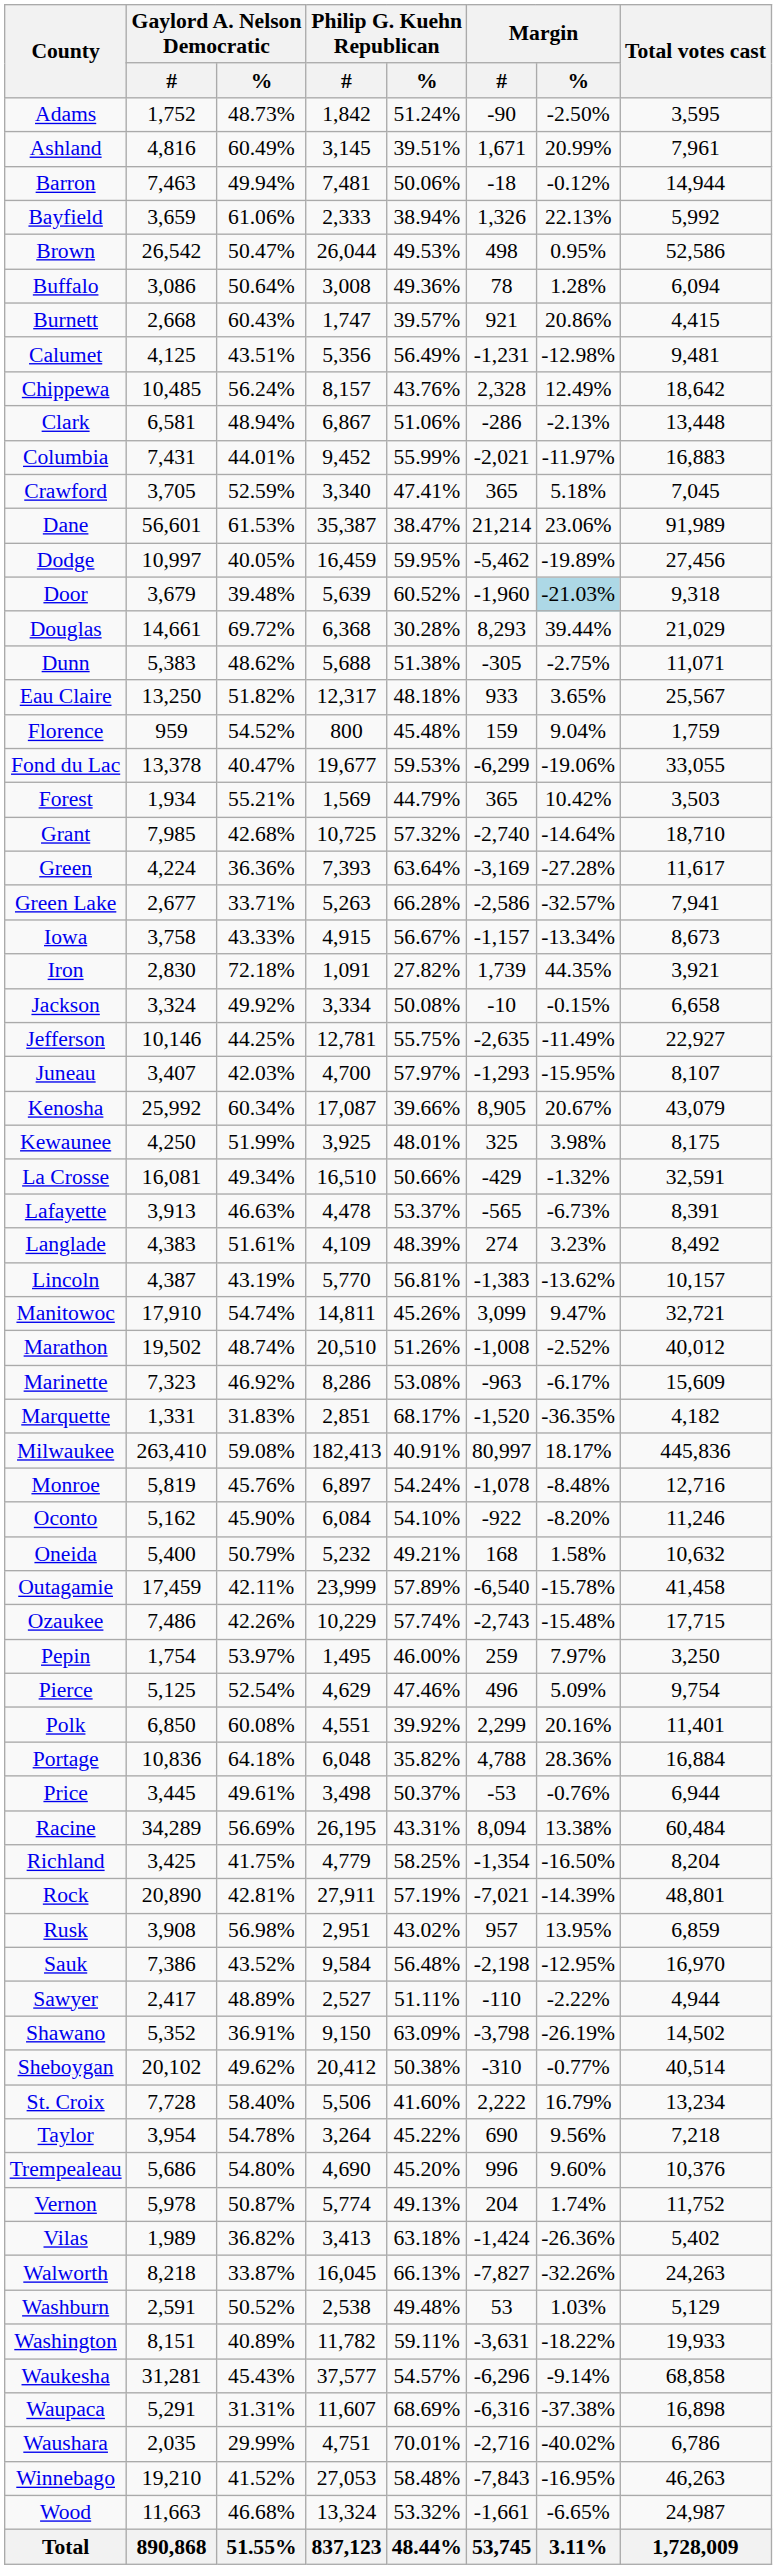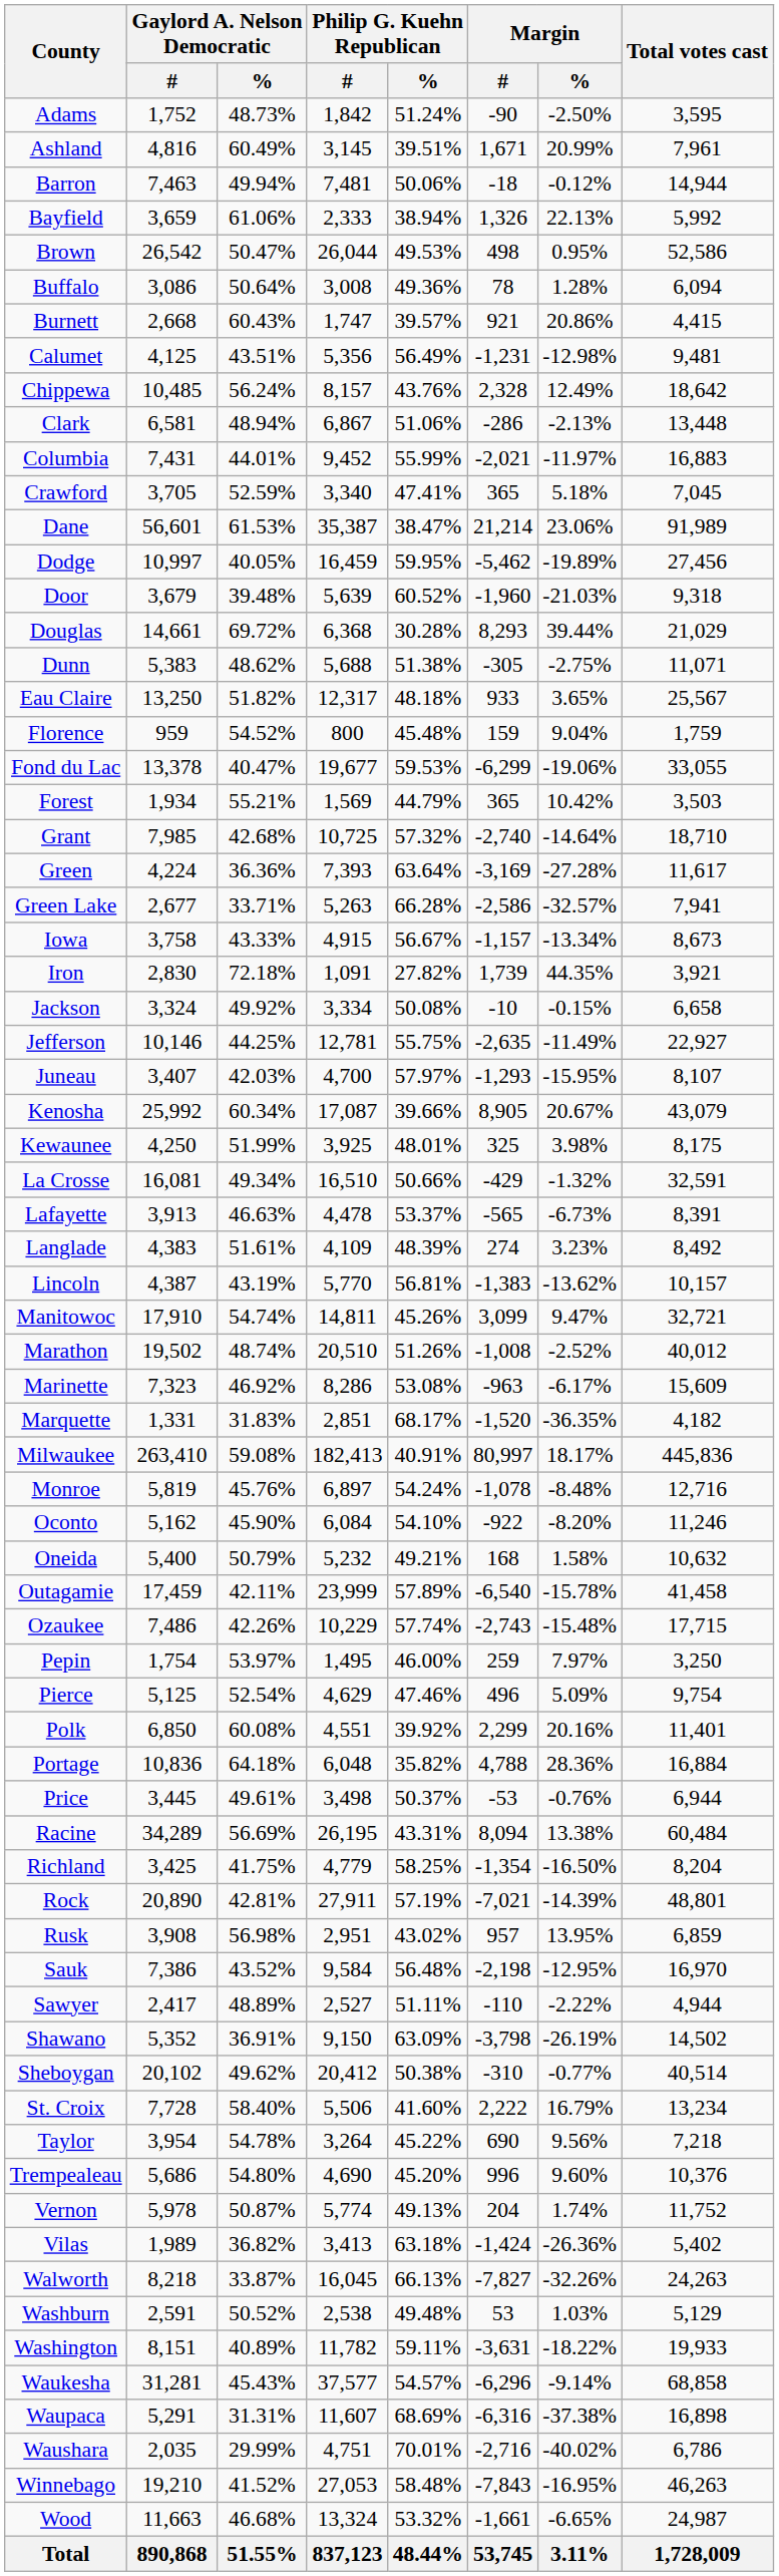 <table class="wikitable sortable" style="text-align:center">
 <tr>
 <th rowspan="2" style="text-align:center;">County</th>
 <th colspan="2" style="text-align:center;">Gaylord A. Nelson<br>Democratic</th>
 <th colspan="2" style="text-align:center;">Philip G. Kuehn<br>Republican</th>
 <th colspan="2" style="text-align:center;">Margin</th>
 <th rowspan="2" style="text-align:center;">Total votes cast</th>
 </tr>
 <tr>
 <th style="text-align:center;" data-sort-type="number">#</th>
 <th style="text-align:center;" data-sort-type="number">%</th>
 <th style="text-align:center;" data-sort-type="number">#</th>
 <th style="text-align:center;" data-sort-type="number">%</th>
 <th style="text-align:center;" data-sort-type="number">#</th>
 <th style="text-align:center;" data-sort-type="number">%</th>
 </tr>
 <tr style="text-align:center;">
 <td><a href='#'>Adams</a></td>
 <td>1,752</td>
 <td>48.73%</td>
 <td>1,842</td>
 <td>51.24%</td>
 <td>-90</td>
 <td>-2.50%</td>
 <td>3,595</td>
 </tr>
 <tr style="text-align:center;">
 <td><a href='#'>Ashland</a></td>
 <td>4,816</td>
 <td>60.49%</td>
 <td>3,145</td>
 <td>39.51%</td>
 <td>1,671</td>
 <td>20.99%</td>
 <td>7,961</td>
 </tr>
 <tr style="text-align:center;">
 <td><a href='#'>Barron</a></td>
 <td>7,463</td>
 <td>49.94%</td>
 <td>7,481</td>
 <td>50.06%</td>
 <td>-18</td>
 <td>-0.12%</td>
 <td>14,944</td>
 </tr>
 <tr style="text-align:center;">
 <td><a href='#'>Bayfield</a></td>
 <td>3,659</td>
 <td>61.06%</td>
 <td>2,333</td>
 <td>38.94%</td>
 <td>1,326</td>
 <td>22.13%</td>
 <td>5,992</td>
 </tr>
 <tr style="text-align:center;">
 <td><a href='#'>Brown</a></td>
 <td>26,542</td>
 <td>50.47%</td>
 <td>26,044</td>
 <td>49.53%</td>
 <td>498</td>
 <td>0.95%</td>
 <td>52,586</td>
 </tr>
 <tr style="text-align:center;">
 <td><a href='#'>Buffalo</a></td>
 <td>3,086</td>
 <td>50.64%</td>
 <td>3,008</td>
 <td>49.36%</td>
 <td>78</td>
 <td>1.28%</td>
 <td>6,094</td>
 </tr>
 <tr style="text-align:center;">
 <td><a href='#'>Burnett</a></td>
 <td>2,668</td>
 <td>60.43%</td>
 <td>1,747</td>
 <td>39.57%</td>
 <td>921</td>
 <td>20.86%</td>
 <td>4,415</td>
 </tr>
 <tr style="text-align:center;">
 <td><a href='#'>Calumet</a></td>
 <td>4,125</td>
 <td>43.51%</td>
 <td>5,356</td>
 <td>56.49%</td>
 <td>-1,231</td>
 <td>-12.98%</td>
 <td>9,481</td>
 </tr>
 <tr style="text-align:center;">
 <td><a href='#'>Chippewa</a></td>
 <td>10,485</td>
 <td>56.24%</td>
 <td>8,157</td>
 <td>43.76%</td>
 <td>2,328</td>
 <td>12.49%</td>
 <td>18,642</td>
 </tr>
 <tr style="text-align:center;">
 <td><a href='#'>Clark</a></td>
 <td>6,581</td>
 <td>48.94%</td>
 <td>6,867</td>
 <td>51.06%</td>
 <td>-286</td>
 <td>-2.13%</td>
 <td>13,448</td>
 </tr>
 <tr style="text-align:center;">
 <td><a href='#'>Columbia</a></td>
 <td>7,431</td>
 <td>44.01%</td>
 <td>9,452</td>
 <td>55.99%</td>
 <td>-2,021</td>
 <td>-11.97%</td>
 <td>16,883</td>
 </tr>
 <tr style="text-align:center;">
 <td><a href='#'>Crawford</a></td>
 <td>3,705</td>
 <td>52.59%</td>
 <td>3,340</td>
 <td>47.41%</td>
 <td>365</td>
 <td>5.18%</td>
 <td>7,045</td>
 </tr>
 <tr style="text-align:center;">
 <td><a href='#'>Dane</a></td>
 <td>56,601</td>
 <td>61.53%</td>
 <td>35,387</td>
 <td>38.47%</td>
 <td>21,214</td>
 <td>23.06%</td>
 <td>91,989</td>
 </tr>
 <tr style="text-align:center;">
 <td><a href='#'>Dodge</a></td>
 <td>10,997</td>
 <td>40.05%</td>
 <td>16,459</td>
 <td>59.95%</td>
 <td>-5,462</td>
 <td>-19.89%</td>
 <td>27,456</td>
 </tr>
 <tr style="text-align:center;">
 <td><a href='#'>Door</a></td>
 <td>3,679</td>
 <td>39.48%</td>
 <td>5,639</td>
 <td>60.52%</td>
 <td>-1,960</td>
-<td style="background: lightblue;">-21.03%</td>
+<td>-21.03%</td>
 <td>9,318</td>
 </tr>
 <tr style="text-align:center;">
 <td><a href='#'>Douglas</a></td>
 <td>14,661</td>
 <td>69.72%</td>
 <td>6,368</td>
 <td>30.28%</td>
 <td>8,293</td>
 <td>39.44%</td>
 <td>21,029</td>
 </tr>
 <tr style="text-align:center;">
 <td><a href='#'>Dunn</a></td>
 <td>5,383</td>
 <td>48.62%</td>
 <td>5,688</td>
 <td>51.38%</td>
 <td>-305</td>
 <td>-2.75%</td>
 <td>11,071</td>
 </tr>
 <tr style="text-align:center;">
 <td><a href='#'>Eau Claire</a></td>
 <td>13,250</td>
 <td>51.82%</td>
 <td>12,317</td>
 <td>48.18%</td>
 <td>933</td>
 <td>3.65%</td>
 <td>25,567</td>
 </tr>
 <tr style="text-align:center;">
 <td><a href='#'>Florence</a></td>
 <td>959</td>
 <td>54.52%</td>
 <td>800</td>
 <td>45.48%</td>
 <td>159</td>
 <td>9.04%</td>
 <td>1,759</td>
 </tr>
 <tr style="text-align:center;">
 <td><a href='#'>Fond du Lac</a></td>
 <td>13,378</td>
 <td>40.47%</td>
 <td>19,677</td>
 <td>59.53%</td>
 <td>-6,299</td>
 <td>-19.06%</td>
 <td>33,055</td>
 </tr>
 <tr style="text-align:center;">
 <td><a href='#'>Forest</a></td>
 <td>1,934</td>
 <td>55.21%</td>
 <td>1,569</td>
 <td>44.79%</td>
 <td>365</td>
 <td>10.42%</td>
 <td>3,503</td>
 </tr>
 <tr style="text-align:center;">
 <td><a href='#'>Grant</a></td>
 <td>7,985</td>
 <td>42.68%</td>
 <td>10,725</td>
 <td>57.32%</td>
 <td>-2,740</td>
 <td>-14.64%</td>
 <td>18,710</td>
 </tr>
 <tr style="text-align:center;">
 <td><a href='#'>Green</a></td>
 <td>4,224</td>
 <td>36.36%</td>
 <td>7,393</td>
 <td>63.64%</td>
 <td>-3,169</td>
 <td>-27.28%</td>
 <td>11,617</td>
 </tr>
 <tr style="text-align:center;">
 <td><a href='#'>Green Lake</a></td>
 <td>2,677</td>
 <td>33.71%</td>
 <td>5,263</td>
 <td>66.28%</td>
 <td>-2,586</td>
 <td>-32.57%</td>
 <td>7,941</td>
 </tr>
 <tr style="text-align:center;">
 <td><a href='#'>Iowa</a></td>
 <td>3,758</td>
 <td>43.33%</td>
 <td>4,915</td>
 <td>56.67%</td>
 <td>-1,157</td>
 <td>-13.34%</td>
 <td>8,673</td>
 </tr>
 <tr style="text-align:center;">
 <td><a href='#'>Iron</a></td>
 <td>2,830</td>
 <td>72.18%</td>
 <td>1,091</td>
 <td>27.82%</td>
 <td>1,739</td>
 <td>44.35%</td>
 <td>3,921</td>
 </tr>
 <tr style="text-align:center;">
 <td><a href='#'>Jackson</a></td>
 <td>3,324</td>
 <td>49.92%</td>
 <td>3,334</td>
 <td>50.08%</td>
 <td>-10</td>
 <td>-0.15%</td>
 <td>6,658</td>
 </tr>
 <tr style="text-align:center;">
 <td><a href='#'>Jefferson</a></td>
 <td>10,146</td>
 <td>44.25%</td>
 <td>12,781</td>
 <td>55.75%</td>
 <td>-2,635</td>
 <td>-11.49%</td>
 <td>22,927</td>
 </tr>
 <tr style="text-align:center;">
 <td><a href='#'>Juneau</a></td>
 <td>3,407</td>
 <td>42.03%</td>
 <td>4,700</td>
 <td>57.97%</td>
 <td>-1,293</td>
 <td>-15.95%</td>
 <td>8,107</td>
 </tr>
 <tr style="text-align:center;">
 <td><a href='#'>Kenosha</a></td>
 <td>25,992</td>
 <td>60.34%</td>
 <td>17,087</td>
 <td>39.66%</td>
 <td>8,905</td>
 <td>20.67%</td>
 <td>43,079</td>
 </tr>
 <tr style="text-align:center;">
 <td><a href='#'>Kewaunee</a></td>
 <td>4,250</td>
 <td>51.99%</td>
 <td>3,925</td>
 <td>48.01%</td>
 <td>325</td>
 <td>3.98%</td>
 <td>8,175</td>
 </tr>
 <tr style="text-align:center;">
 <td><a href='#'>La Crosse</a></td>
 <td>16,081</td>
 <td>49.34%</td>
 <td>16,510</td>
 <td>50.66%</td>
 <td>-429</td>
 <td>-1.32%</td>
 <td>32,591</td>
 </tr>
 <tr style="text-align:center;">
 <td><a href='#'>Lafayette</a></td>
 <td>3,913</td>
 <td>46.63%</td>
 <td>4,478</td>
 <td>53.37%</td>
 <td>-565</td>
 <td>-6.73%</td>
 <td>8,391</td>
 </tr>
 <tr style="text-align:center;">
 <td><a href='#'>Langlade</a></td>
 <td>4,383</td>
 <td>51.61%</td>
 <td>4,109</td>
 <td>48.39%</td>
 <td>274</td>
 <td>3.23%</td>
 <td>8,492</td>
 </tr>
 <tr style="text-align:center;">
 <td><a href='#'>Lincoln</a></td>
 <td>4,387</td>
 <td>43.19%</td>
 <td>5,770</td>
 <td>56.81%</td>
 <td>-1,383</td>
 <td>-13.62%</td>
 <td>10,157</td>
 </tr>
 <tr style="text-align:center;">
 <td><a href='#'>Manitowoc</a></td>
 <td>17,910</td>
 <td>54.74%</td>
 <td>14,811</td>
 <td>45.26%</td>
 <td>3,099</td>
 <td>9.47%</td>
 <td>32,721</td>
 </tr>
 <tr style="text-align:center;">
 <td><a href='#'>Marathon</a></td>
 <td>19,502</td>
 <td>48.74%</td>
 <td>20,510</td>
 <td>51.26%</td>
 <td>-1,008</td>
 <td>-2.52%</td>
 <td>40,012</td>
 </tr>
 <tr style="text-align:center;">
 <td><a href='#'>Marinette</a></td>
 <td>7,323</td>
 <td>46.92%</td>
 <td>8,286</td>
 <td>53.08%</td>
 <td>-963</td>
 <td>-6.17%</td>
 <td>15,609</td>
 </tr>
 <tr style="text-align:center;">
 <td><a href='#'>Marquette</a></td>
 <td>1,331</td>
 <td>31.83%</td>
 <td>2,851</td>
 <td>68.17%</td>
 <td>-1,520</td>
 <td>-36.35%</td>
 <td>4,182</td>
 </tr>
 <tr style="text-align:center;">
 <td><a href='#'>Milwaukee</a></td>
 <td>263,410</td>
 <td>59.08%</td>
 <td>182,413</td>
 <td>40.91%</td>
 <td>80,997</td>
 <td>18.17%</td>
 <td>445,836</td>
 </tr>
 <tr style="text-align:center;">
 <td><a href='#'>Monroe</a></td>
 <td>5,819</td>
 <td>45.76%</td>
 <td>6,897</td>
 <td>54.24%</td>
 <td>-1,078</td>
 <td>-8.48%</td>
 <td>12,716</td>
 </tr>
 <tr style="text-align:center;">
 <td><a href='#'>Oconto</a></td>
 <td>5,162</td>
 <td>45.90%</td>
 <td>6,084</td>
 <td>54.10%</td>
 <td>-922</td>
 <td>-8.20%</td>
 <td>11,246</td>
 </tr>
 <tr style="text-align:center;">
 <td><a href='#'>Oneida</a></td>
 <td>5,400</td>
 <td>50.79%</td>
 <td>5,232</td>
 <td>49.21%</td>
 <td>168</td>
 <td>1.58%</td>
 <td>10,632</td>
 </tr>
 <tr style="text-align:center;">
 <td><a href='#'>Outagamie</a></td>
 <td>17,459</td>
 <td>42.11%</td>
 <td>23,999</td>
 <td>57.89%</td>
 <td>-6,540</td>
 <td>-15.78%</td>
 <td>41,458</td>
 </tr>
 <tr style="text-align:center;">
 <td><a href='#'>Ozaukee</a></td>
 <td>7,486</td>
 <td>42.26%</td>
 <td>10,229</td>
 <td>57.74%</td>
 <td>-2,743</td>
 <td>-15.48%</td>
 <td>17,715</td>
 </tr>
 <tr style="text-align:center;">
 <td><a href='#'>Pepin</a></td>
 <td>1,754</td>
 <td>53.97%</td>
 <td>1,495</td>
 <td>46.00%</td>
 <td>259</td>
 <td>7.97%</td>
 <td>3,250</td>
 </tr>
 <tr style="text-align:center;">
 <td><a href='#'>Pierce</a></td>
 <td>5,125</td>
 <td>52.54%</td>
 <td>4,629</td>
 <td>47.46%</td>
 <td>496</td>
 <td>5.09%</td>
 <td>9,754</td>
 </tr>
 <tr style="text-align:center;">
 <td><a href='#'>Polk</a></td>
 <td>6,850</td>
 <td>60.08%</td>
 <td>4,551</td>
 <td>39.92%</td>
 <td>2,299</td>
 <td>20.16%</td>
 <td>11,401</td>
 </tr>
 <tr style="text-align:center;">
 <td><a href='#'>Portage</a></td>
 <td>10,836</td>
 <td>64.18%</td>
 <td>6,048</td>
 <td>35.82%</td>
 <td>4,788</td>
 <td>28.36%</td>
 <td>16,884</td>
 </tr>
 <tr style="text-align:center;">
 <td><a href='#'>Price</a></td>
 <td>3,445</td>
 <td>49.61%</td>
 <td>3,498</td>
 <td>50.37%</td>
 <td>-53</td>
 <td>-0.76%</td>
 <td>6,944</td>
 </tr>
 <tr style="text-align:center;">
 <td><a href='#'>Racine</a></td>
 <td>34,289</td>
 <td>56.69%</td>
 <td>26,195</td>
 <td>43.31%</td>
 <td>8,094</td>
 <td>13.38%</td>
 <td>60,484</td>
 </tr>
 <tr style="text-align:center;">
 <td><a href='#'>Richland</a></td>
 <td>3,425</td>
 <td>41.75%</td>
 <td>4,779</td>
 <td>58.25%</td>
 <td>-1,354</td>
 <td>-16.50%</td>
 <td>8,204</td>
 </tr>
 <tr style="text-align:center;">
 <td><a href='#'>Rock</a></td>
 <td>20,890</td>
 <td>42.81%</td>
 <td>27,911</td>
 <td>57.19%</td>
 <td>-7,021</td>
 <td>-14.39%</td>
 <td>48,801</td>
 </tr>
 <tr style="text-align:center;">
 <td><a href='#'>Rusk</a></td>
 <td>3,908</td>
 <td>56.98%</td>
 <td>2,951</td>
 <td>43.02%</td>
 <td>957</td>
 <td>13.95%</td>
 <td>6,859</td>
 </tr>
 <tr style="text-align:center;">
 <td><a href='#'>Sauk</a></td>
 <td>7,386</td>
 <td>43.52%</td>
 <td>9,584</td>
 <td>56.48%</td>
 <td>-2,198</td>
 <td>-12.95%</td>
 <td>16,970</td>
 </tr>
 <tr style="text-align:center;">
 <td><a href='#'>Sawyer</a></td>
 <td>2,417</td>
 <td>48.89%</td>
 <td>2,527</td>
 <td>51.11%</td>
 <td>-110</td>
 <td>-2.22%</td>
 <td>4,944</td>
 </tr>
 <tr style="text-align:center;">
 <td><a href='#'>Shawano</a></td>
 <td>5,352</td>
 <td>36.91%</td>
 <td>9,150</td>
 <td>63.09%</td>
 <td>-3,798</td>
 <td>-26.19%</td>
 <td>14,502</td>
 </tr>
 <tr style="text-align:center;">
 <td><a href='#'>Sheboygan</a></td>
 <td>20,102</td>
 <td>49.62%</td>
 <td>20,412</td>
 <td>50.38%</td>
 <td>-310</td>
 <td>-0.77%</td>
 <td>40,514</td>
 </tr>
 <tr style="text-align:center;">
 <td><a href='#'>St. Croix</a></td>
 <td>7,728</td>
 <td>58.40%</td>
 <td>5,506</td>
 <td>41.60%</td>
 <td>2,222</td>
 <td>16.79%</td>
 <td>13,234</td>
 </tr>
 <tr style="text-align:center;">
 <td><a href='#'>Taylor</a></td>
 <td>3,954</td>
 <td>54.78%</td>
 <td>3,264</td>
 <td>45.22%</td>
 <td>690</td>
 <td>9.56%</td>
 <td>7,218</td>
 </tr>
 <tr style="text-align:center;">
 <td><a href='#'>Trempealeau</a></td>
 <td>5,686</td>
 <td>54.80%</td>
 <td>4,690</td>
 <td>45.20%</td>
 <td>996</td>
 <td>9.60%</td>
 <td>10,376</td>
 </tr>
 <tr style="text-align:center;">
 <td><a href='#'>Vernon</a></td>
 <td>5,978</td>
 <td>50.87%</td>
 <td>5,774</td>
 <td>49.13%</td>
 <td>204</td>
 <td>1.74%</td>
 <td>11,752</td>
 </tr>
 <tr style="text-align:center;">
 <td><a href='#'>Vilas</a></td>
 <td>1,989</td>
 <td>36.82%</td>
 <td>3,413</td>
 <td>63.18%</td>
 <td>-1,424</td>
 <td>-26.36%</td>
 <td>5,402</td>
 </tr>
 <tr style="text-align:center;">
 <td><a href='#'>Walworth</a></td>
 <td>8,218</td>
 <td>33.87%</td>
 <td>16,045</td>
 <td>66.13%</td>
 <td>-7,827</td>
 <td>-32.26%</td>
 <td>24,263</td>
 </tr>
 <tr style="text-align:center;">
 <td><a href='#'>Washburn</a></td>
 <td>2,591</td>
 <td>50.52%</td>
 <td>2,538</td>
 <td>49.48%</td>
 <td>53</td>
 <td>1.03%</td>
 <td>5,129</td>
 </tr>
 <tr style="text-align:center;">
 <td><a href='#'>Washington</a></td>
 <td>8,151</td>
 <td>40.89%</td>
 <td>11,782</td>
 <td>59.11%</td>
 <td>-3,631</td>
 <td>-18.22%</td>
 <td>19,933</td>
 </tr>
 <tr style="text-align:center;">
 <td><a href='#'>Waukesha</a></td>
 <td>31,281</td>
 <td>45.43%</td>
 <td>37,577</td>
 <td>54.57%</td>
 <td>-6,296</td>
 <td>-9.14%</td>
 <td>68,858</td>
 </tr>
 <tr style="text-align:center;">
 <td><a href='#'>Waupaca</a></td>
 <td>5,291</td>
 <td>31.31%</td>
 <td>11,607</td>
 <td>68.69%</td>
 <td>-6,316</td>
 <td>-37.38%</td>
 <td>16,898</td>
 </tr>
 <tr style="text-align:center;">
 <td><a href='#'>Waushara</a></td>
 <td>2,035</td>
 <td>29.99%</td>
 <td>4,751</td>
 <td>70.01%</td>
 <td>-2,716</td>
 <td>-40.02%</td>
 <td>6,786</td>
 </tr>
 <tr style="text-align:center;">
 <td><a href='#'>Winnebago</a></td>
 <td>19,210</td>
 <td>41.52%</td>
 <td>27,053</td>
 <td>58.48%</td>
 <td>-7,843</td>
 <td>-16.95%</td>
 <td>46,263</td>
 </tr>
 <tr style="text-align:center;">
 <td><a href='#'>Wood</a></td>
 <td>11,663</td>
 <td>46.68%</td>
 <td>13,324</td>
 <td>53.32%</td>
 <td>-1,661</td>
 <td>-6.65%</td>
 <td>24,987</td>
 </tr>
 <tr>
 <th>Total</th>
 <th>890,868</th>
 <th>51.55%</th>
 <th>837,123</th>
 <th>48.44%</th>
 <th>53,745</th>
 <th>3.11%</th>
 <th>1,728,009</th>
 </tr>
 </table>
